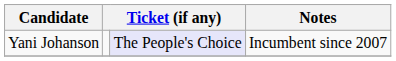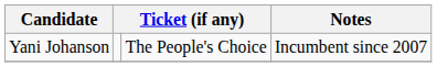 <table class="wikitable" style="font-size: 95%">
 <tr>
 <th>Candidate</th>
 <th colspan="2"><a href='#'>Ticket</a> (if any)</th>
 <th>Notes</th>
 </tr>
 <tr>
 <td>Yani Johanson</td>
 <td style="background-color:"></td>
-<td style="background: lavender;">The People's Choice</td>
+<td>The People's Choice</td>
 <td>Incumbent since 2007</td>
 </tr>
 <tr>
 </tr>
 </table>
